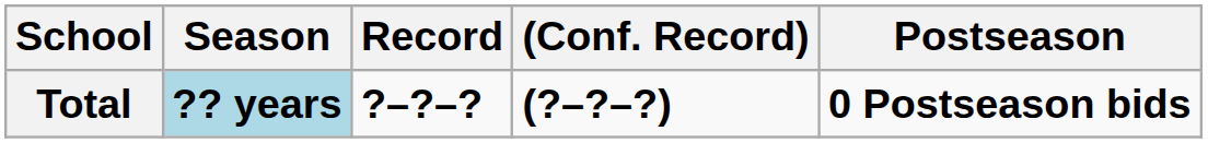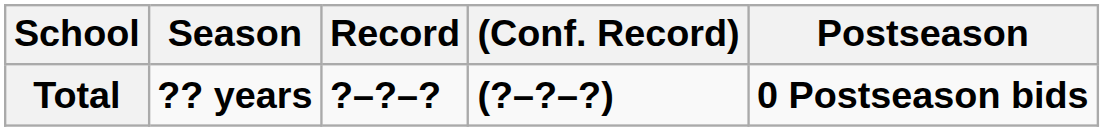 <table class="wikitable">
 <tr>
 <th>School</th>
 <th>Season</th>
 <th>Record</th>
 <th>(Conf. Record)</th>
 <th>Postseason</th>
 </tr>
 <tr>
 <th><strong>Total</strong></th>
-<td style="background: lightblue;"><strong>?? years</strong></td>
+<td><strong>?? years</strong></td>
 <td><strong>?–?–?</strong></td>
 <td><strong>(?–?–?)</strong></td>
 <td><strong>0 Postseason bids</strong></td>
 </tr>
 </table>
